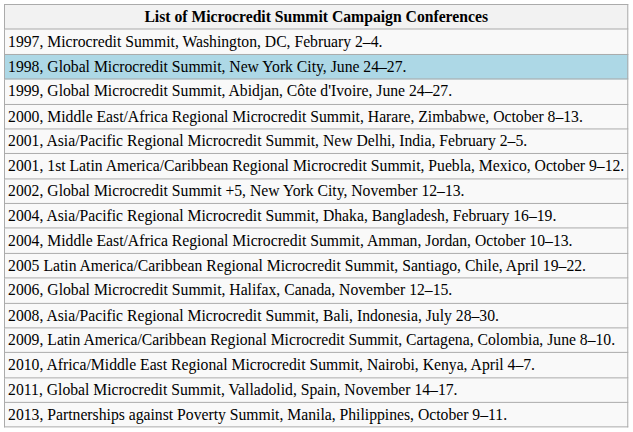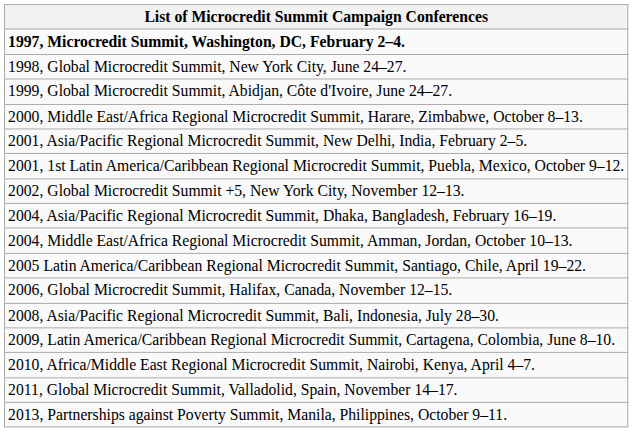 <table class="wikitable" border="2">
 <tr>
 <th>List of Microcredit Summit Campaign Conferences</th>
 </tr>
 <tr>
-<td>1997, Microcredit Summit, Washington, DC, February 2–4.</td>
+<td><strong>1997, Microcredit Summit, Washington, DC, February 2–4.</strong></td>
 </tr>
 <tr>
-<td style="background: lightblue;">1998, Global Microcredit Summit, New York City, June 24–27.</td>
+<td>1998, Global Microcredit Summit, New York City, June 24–27.</td>
 </tr>
 <tr>
 <td>1999, Global Microcredit Summit, Abidjan, Côte d'Ivoire, June 24–27.</td>
 </tr>
 <tr>
 <td>2000, Middle East/Africa Regional Microcredit Summit, Harare, Zimbabwe, October 8–13.</td>
 </tr>
 <tr>
 <td>2001, Asia/Pacific Regional Microcredit Summit, New Delhi, India, February 2–5.</td>
 </tr>
 <tr>
 <td>2001, 1st Latin America/Caribbean Regional Microcredit Summit, Puebla, Mexico, October 9–12.</td>
 </tr>
 <tr>
 <td>2002, Global Microcredit Summit +5, New York City, November 12–13.</td>
 </tr>
 <tr>
 <td>2004, Asia/Pacific Regional Microcredit Summit, Dhaka, Bangladesh, February 16–19.</td>
 </tr>
 <tr>
 <td>2004, Middle East/Africa Regional Microcredit Summit, Amman, Jordan, October 10–13.</td>
 </tr>
 <tr>
 <td>2005 Latin America/Caribbean Regional Microcredit Summit, Santiago, Chile, April 19–22.</td>
 </tr>
 <tr>
 <td>2006, Global Microcredit Summit, Halifax, Canada, November 12–15.</td>
 </tr>
 <tr>
 <td>2008, Asia/Pacific Regional Microcredit Summit, Bali, Indonesia, July 28–30.</td>
 </tr>
 <tr>
 <td>2009, Latin America/Caribbean Regional Microcredit Summit, Cartagena, Colombia, June 8–10.</td>
 </tr>
 <tr>
 <td>2010, Africa/Middle East Regional Microcredit Summit, Nairobi, Kenya, April 4–7.</td>
 </tr>
 <tr>
 <td>2011, Global Microcredit Summit, Valladolid, Spain, November 14–17.</td>
 </tr>
 <tr>
 <td>2013, Partnerships against Poverty Summit, Manila, Philippines, October 9–11.</td>
 </tr>
 </table>
